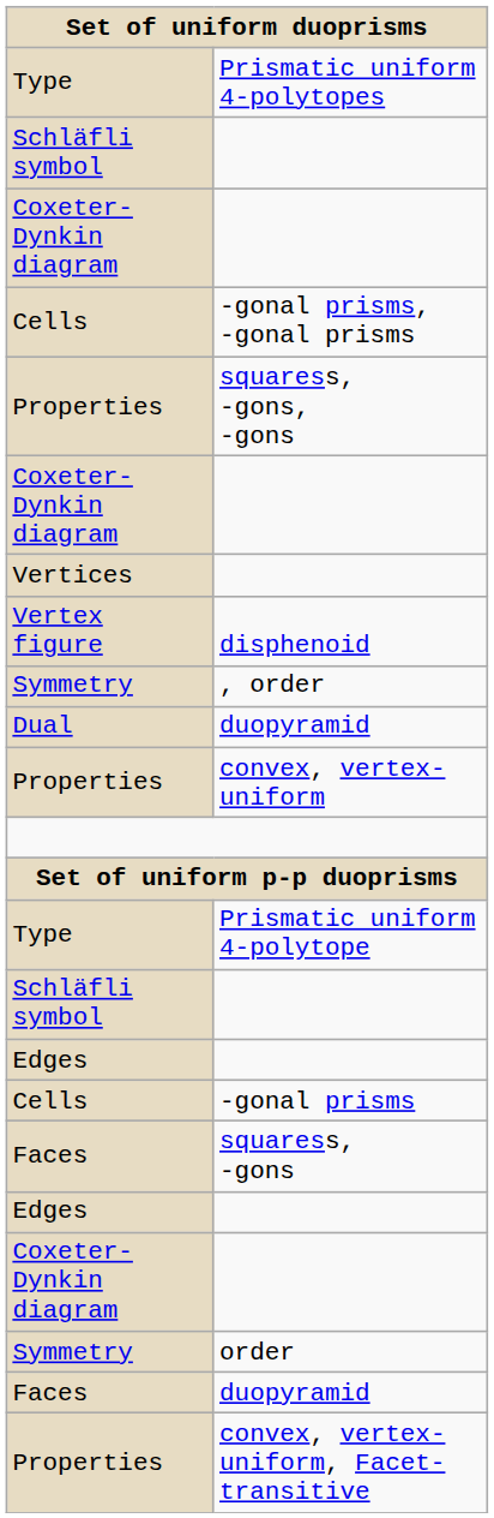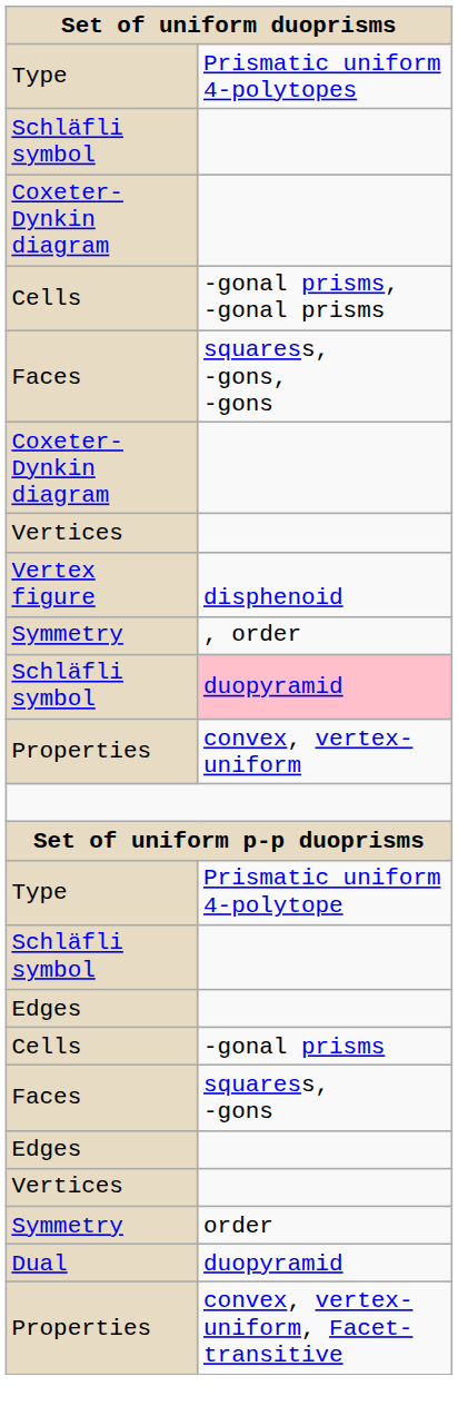 <table class="wikitable" align="right" style="margin-left:10px" width="250">
 <tr>
 <td bgcolor=#e7dcc3 colspan=2 align=center><strong>Set of uniform  duoprisms</strong></td>
 </tr>
 <tr>
 <td bgcolor=#e7dcc3>Type</td>
 <td><a href='#'>Prismatic uniform 4-polytopes</a></td>
 </tr>
 <tr>
 <td bgcolor=#e7dcc3><a href='#'>Schläfli symbol</a></td>
 <td></td>
 </tr>
 <tr>
 <td bgcolor=#e7dcc3><a href='#'>Coxeter-Dynkin diagram</a></td>
 <td></td>
 </tr>
 <tr>
 <td bgcolor=#e7dcc3>Cells</td>
 <td>-gonal <a href='#'>prisms</a>,<br>-gonal prisms</td>
 </tr>
 <tr>
-<td bgcolor=#e7dcc3>Properties</td>
+<td bgcolor=#e7dcc3>Faces</td>
 <td> <a href='#'>squares</a>s,<br>-gons,<br>-gons</td>
 </tr>
 <tr>
 <td bgcolor=#e7dcc3><a href='#'>Coxeter-Dynkin diagram</a></td>
 <td></td>
 </tr>
 <tr>
 <td bgcolor=#e7dcc3>Vertices</td>
 <td></td>
 </tr>
 <tr>
 <td bgcolor=#e7dcc3><a href='#'>Vertex figure</a></td>
 <td><br><a href='#'>disphenoid</a></td>
 </tr>
 <tr>
 <td bgcolor=#e7dcc3><a href='#'>Symmetry</a></td>
 <td>, order </td>
 </tr>
 <tr>
-<td bgcolor=#e7dcc3><a href='#'>Dual</a></td>
-<td> <a href='#'>duopyramid</a></td>
+<td bgcolor=#e7dcc3><a href='#'>Schläfli symbol</a></td>
+<td style="background: pink;"> <a href='#'>duopyramid</a></td>
 </tr>
 <tr>
 <td bgcolor=#e7dcc3>Properties</td>
 <td><a href='#'>convex</a>, <a href='#'>vertex-uniform</a></td>
 </tr>
 <tr>
 <td colspan=2> </td>
 </tr>
 <tr>
 <td bgcolor=#e7dcc3 colspan=2 align=center><strong>Set of uniform p-p duoprisms</strong></td>
 </tr>
 <tr>
 <td bgcolor=#e7dcc3>Type</td>
 <td><a href='#'>Prismatic uniform 4-polytope</a></td>
 </tr>
 <tr>
 <td bgcolor=#e7dcc3><a href='#'>Schläfli symbol</a></td>
 <td></td>
 </tr>
 <tr>
 <td bgcolor=#e7dcc3>Edges</td>
 <td></td>
 </tr>
 <tr>
 <td bgcolor=#e7dcc3>Cells</td>
 <td>-gonal <a href='#'>prisms</a></td>
 </tr>
 <tr>
 <td bgcolor=#e7dcc3>Faces</td>
 <td> <a href='#'>squares</a>s,<br>-gons</td>
 </tr>
 <tr>
 <td bgcolor=#e7dcc3>Edges</td>
 <td></td>
 </tr>
 <tr>
-<td bgcolor=#e7dcc3><a href='#'>Coxeter-Dynkin diagram</a></td>
+<td bgcolor=#e7dcc3>Vertices</td>
 <td></td>
 </tr>
 <tr>
 <td bgcolor=#e7dcc3><a href='#'>Symmetry</a></td>
 <td> order </td>
 </tr>
 <tr>
-<td bgcolor=#e7dcc3>Faces</td>
+<td bgcolor=#e7dcc3><a href='#'>Dual</a></td>
 <td> <a href='#'>duopyramid</a></td>
 </tr>
 <tr>
 <td bgcolor=#e7dcc3>Properties</td>
 <td><a href='#'>convex</a>, <a href='#'>vertex-uniform</a>, <a href='#'>Facet-transitive</a></td>
 </tr>
 </table>
